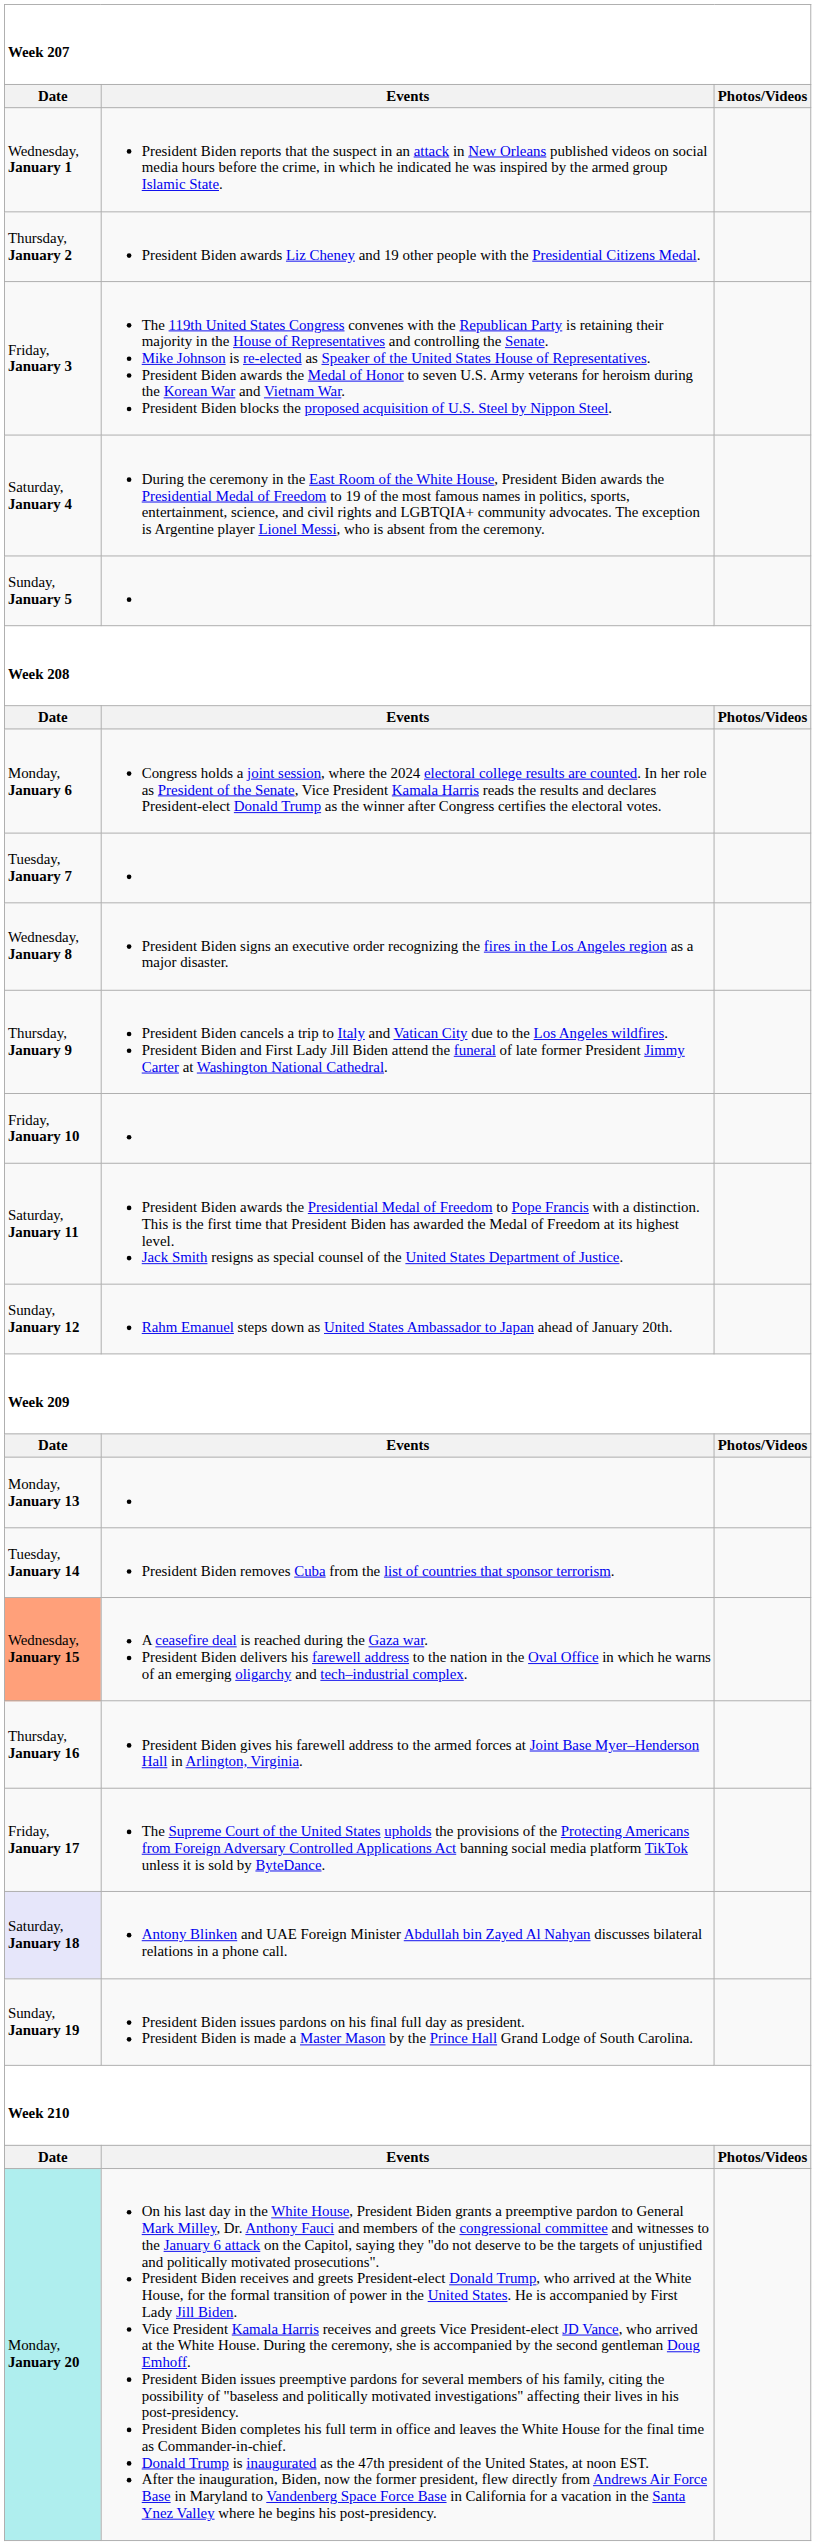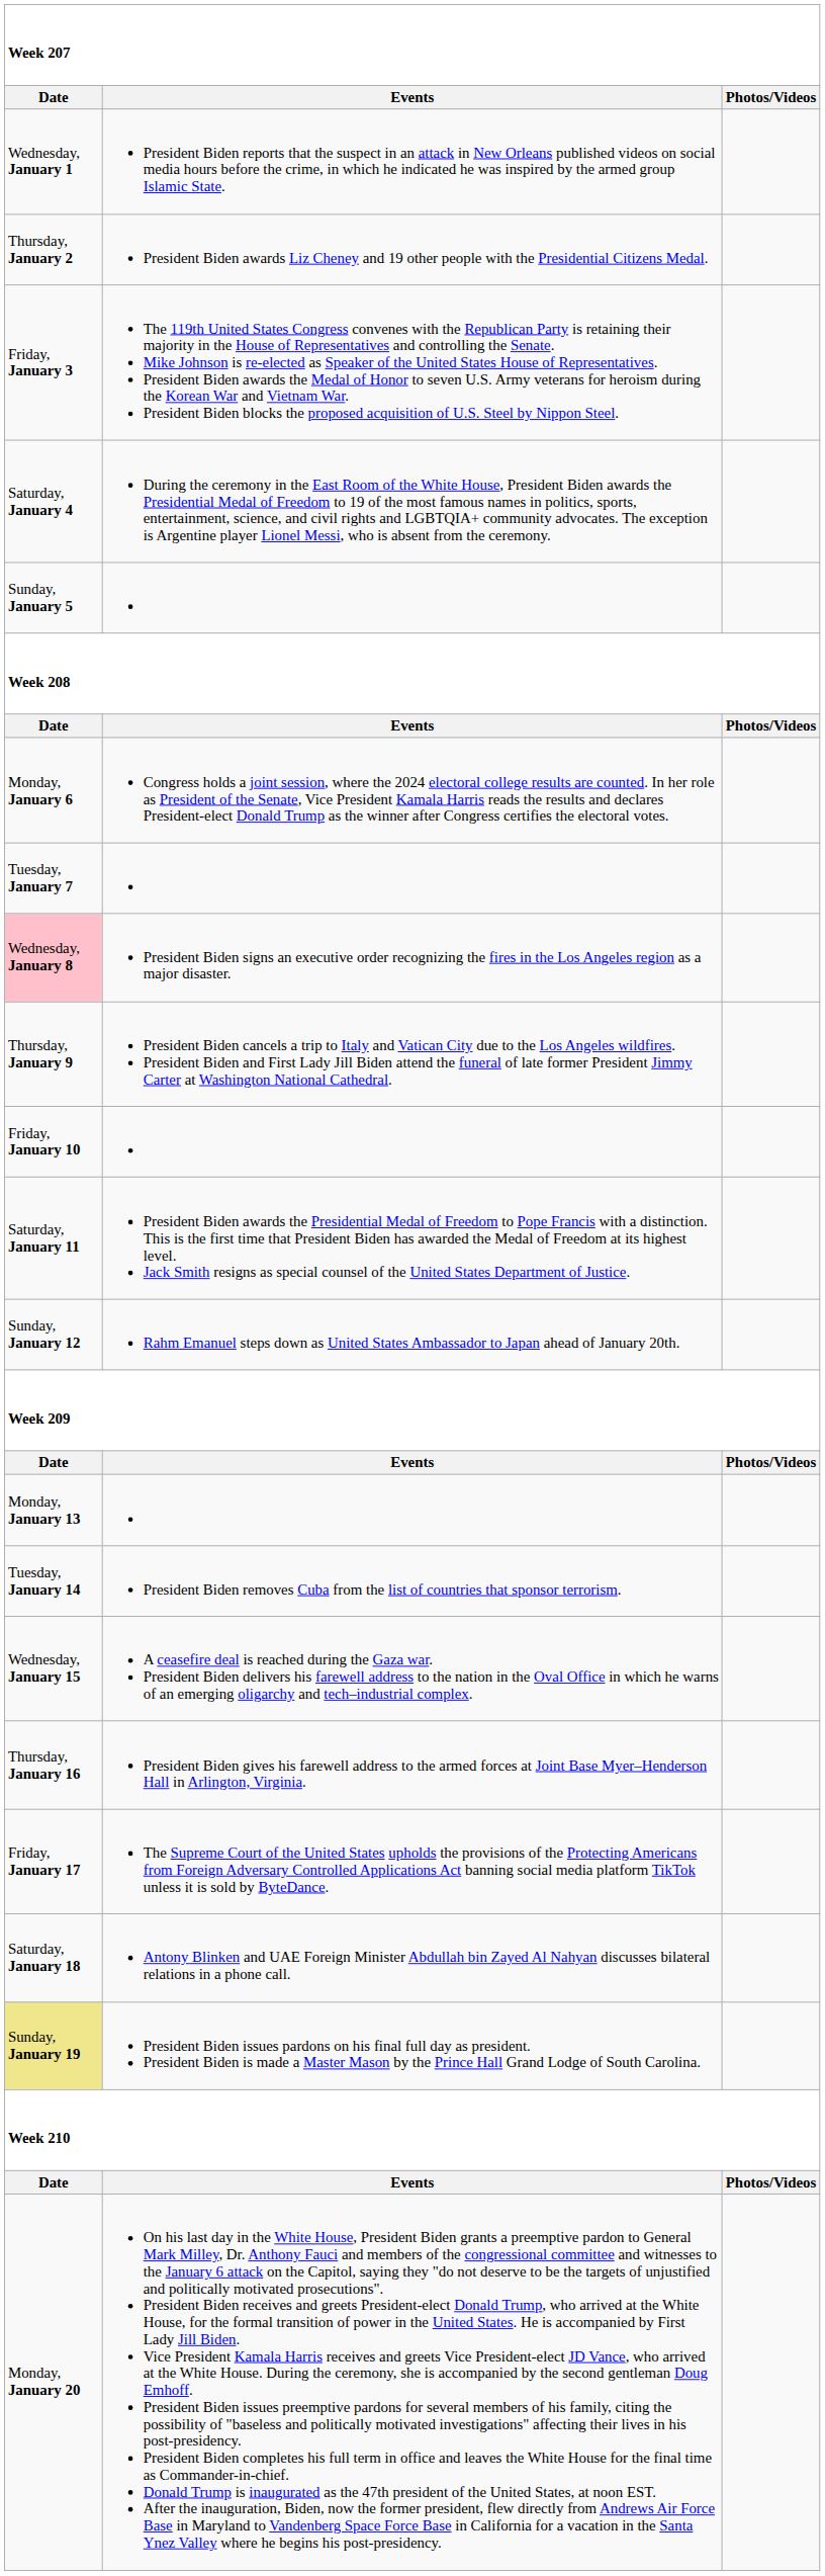 <table class="wikitable">
 <tr style="background:white;">
 <td colspan="3"><br><h4>Week 207</h4></td>
 </tr>
 <tr>
 <th>Date</th>
 <th>Events</th>
 <th>Photos/Videos</th>
 </tr>
 <tr>
 <td>Wednesday, <strong>January 1</strong></td>
 <td><br><ul><li>President Biden reports that the suspect in an <a href='#'>attack</a> in <a href='#'>New Orleans</a> published videos on social media hours before the crime, in which he indicated he was inspired by the armed group <a href='#'>Islamic State</a>.</li></ul></td>
 <td></td>
 </tr>
 <tr>
 <td>Thursday, <strong>January 2</strong></td>
 <td><br><ul><li>President Biden awards <a href='#'>Liz Cheney</a> and 19 other people with the <a href='#'>Presidential Citizens Medal</a>.</li></ul></td>
 <td></td>
 </tr>
 <tr>
 <td>Friday, <strong>January 3</strong></td>
 <td><br><ul><li>The <a href='#'>119th United States Congress</a> convenes with the <a href='#'>Republican Party</a> is retaining their majority in the <a href='#'>House of Representatives</a> and controlling the <a href='#'>Senate</a>.</li><li><a href='#'>Mike Johnson</a> is <a href='#'>re-elected</a> as <a href='#'>Speaker of the United States House of Representatives</a>.</li><li>President Biden awards the <a href='#'>Medal of Honor</a> to seven U.S. Army veterans for heroism during the <a href='#'>Korean War</a> and <a href='#'>Vietnam War</a>.</li><li>President Biden blocks the <a href='#'>proposed acquisition of U.S. Steel by Nippon Steel</a>.</li></ul></td>
 <td></td>
 </tr>
 <tr>
 <td>Saturday, <strong>January 4</strong></td>
 <td><br><ul><li>During the ceremony in the <a href='#'>East Room of the White House</a>, President Biden awards the <a href='#'>Presidential Medal of Freedom</a> to 19 of the most famous names in politics, sports, entertainment, science, and civil rights and LGBTQIA+ community advocates. The exception is Argentine player <a href='#'>Lionel Messi</a>, who is absent from the ceremony.</li></ul></td>
 <td></td>
 </tr>
 <tr>
 <td>Sunday, <strong>January 5</strong></td>
 <td><br><ul><li></li></ul></td>
 <td></td>
 </tr>
 <tr style="background:white;">
 <td colspan="3"><br><h4>Week 208</h4></td>
 </tr>
 <tr>
 <th>Date</th>
 <th>Events</th>
 <th>Photos/Videos</th>
 </tr>
 <tr>
 <td>Monday, <strong>January 6</strong></td>
 <td><br><ul><li>Congress holds a <a href='#'>joint session</a>, where the 2024 <a href='#'>electoral college results are counted</a>. In her role as <a href='#'>President of the Senate</a>, Vice President <a href='#'>Kamala Harris</a> reads the results and declares President-elect <a href='#'>Donald Trump</a> as the winner after Congress certifies the electoral votes.</li></ul></td>
 <td></td>
 </tr>
 <tr>
 <td>Tuesday, <strong>January 7</strong></td>
 <td><br><ul><li></li></ul></td>
 <td></td>
 </tr>
 <tr>
-<td>Wednesday, <strong>January 8</strong></td>
+<td style="background: pink;">Wednesday, <strong>January 8</strong></td>
 <td><br><ul><li>President Biden signs an executive order recognizing the <a href='#'>fires in the Los Angeles region</a> as a major disaster.</li></ul></td>
 <td></td>
 </tr>
 <tr>
 <td>Thursday, <strong>January 9</strong></td>
 <td><br><ul><li>President Biden cancels a trip to <a href='#'>Italy</a> and <a href='#'>Vatican City</a> due to the <a href='#'>Los Angeles wildfires</a>.</li><li>President Biden and First Lady Jill Biden attend the <a href='#'>funeral</a> of late former President <a href='#'>Jimmy Carter</a> at <a href='#'>Washington National Cathedral</a>.</li></ul></td>
 <td></td>
 </tr>
 <tr>
 <td>Friday, <strong>January 10</strong></td>
 <td><br><ul><li></li></ul></td>
 <td></td>
 </tr>
 <tr>
 <td>Saturday, <strong>January 11</strong></td>
 <td><br><ul><li>President Biden awards the <a href='#'>Presidential Medal of Freedom</a> to <a href='#'>Pope Francis</a> with a distinction. This is the first time that President Biden has awarded the Medal of Freedom at its highest level.</li><li><a href='#'>Jack Smith</a> resigns as special counsel of the <a href='#'>United States Department of Justice</a>.</li></ul></td>
 <td></td>
 </tr>
 <tr>
 <td>Sunday, <strong>January 12</strong></td>
 <td><br><ul><li><a href='#'>Rahm Emanuel</a> steps down as <a href='#'>United States Ambassador to Japan</a> ahead of January 20th.</li></ul></td>
 <td></td>
 </tr>
 <tr style="background:white;">
 <td colspan="3"><br><h4>Week 209</h4></td>
 </tr>
 <tr>
 <th>Date</th>
 <th>Events</th>
 <th>Photos/Videos</th>
 </tr>
 <tr>
 <td>Monday, <strong>January 13</strong></td>
 <td><br><ul><li></li></ul></td>
 <td></td>
 </tr>
 <tr>
 <td>Tuesday, <strong>January 14</strong></td>
 <td><br><ul><li>President Biden removes <a href='#'>Cuba</a> from the <a href='#'>list of countries that sponsor terrorism</a>.</li></ul></td>
 <td></td>
 </tr>
 <tr>
-<td style="background: lightsalmon;">Wednesday, <strong>January 15</strong></td>
+<td>Wednesday, <strong>January 15</strong></td>
 <td><br><ul><li>A <a href='#'>ceasefire deal</a> is reached during the <a href='#'>Gaza war</a>.</li><li>President Biden delivers his <a href='#'>farewell address</a> to the nation in the <a href='#'>Oval Office</a> in which he warns of an emerging <a href='#'>oligarchy</a> and <a href='#'>tech–industrial complex</a>.</li></ul></td>
 <td></td>
 </tr>
 <tr>
 <td>Thursday, <strong>January 16</strong></td>
 <td><br><ul><li>President Biden gives his farewell address to the armed forces at <a href='#'>Joint Base Myer–Henderson Hall</a> in <a href='#'>Arlington, Virginia</a>.</li></ul></td>
 <td></td>
 </tr>
 <tr>
 <td>Friday, <strong>January 17</strong></td>
 <td><br><ul><li>The <a href='#'>Supreme Court of the United States</a> <a href='#'>upholds</a> the provisions of the <a href='#'>Protecting Americans from Foreign Adversary Controlled Applications Act</a> banning social media platform <a href='#'>TikTok</a> unless it is sold by <a href='#'>ByteDance</a>.</li></ul></td>
 <td></td>
 </tr>
 <tr>
-<td style="background: lavender;">Saturday, <strong>January 18</strong></td>
+<td>Saturday, <strong>January 18</strong></td>
 <td><br><ul><li><a href='#'>Antony Blinken</a> and UAE Foreign Minister <a href='#'>Abdullah bin Zayed Al Nahyan</a> discusses bilateral relations in a phone call.</li></ul></td>
 <td></td>
 </tr>
 <tr>
-<td>Sunday, <strong>January 19</strong></td>
+<td style="background: khaki;">Sunday, <strong>January 19</strong></td>
 <td><br><ul><li>President Biden issues pardons on his final full day as president.</li><li>President Biden is made a <a href='#'>Master Mason</a> by the <a href='#'>Prince Hall</a> Grand Lodge of South Carolina.</li></ul></td>
 <td></td>
 </tr>
 <tr style="background:white;">
 <td colspan="3"><br><h4>Week 210</h4></td>
 </tr>
 <tr>
 <th>Date</th>
 <th>Events</th>
 <th>Photos/Videos</th>
 </tr>
 <tr>
-<td style="background: paleturquoise;">Monday, <strong>January 20</strong></td>
+<td>Monday, <strong>January 20</strong></td>
 <td><br><ul><li>On his last day in the <a href='#'>White House</a>, President Biden grants a preemptive pardon to General <a href='#'>Mark Milley</a>, Dr. <a href='#'>Anthony Fauci</a> and members of the <a href='#'>congressional committee</a> and witnesses to the <a href='#'>January 6 attack</a> on the Capitol, saying they "do not deserve to be the targets of unjustified and politically motivated prosecutions".</li><li>President Biden receives and greets President-elect <a href='#'>Donald Trump</a>, who arrived at the White House, for the formal transition of power in the <a href='#'>United States</a>. He is accompanied by First Lady <a href='#'>Jill Biden</a>.</li><li>Vice President <a href='#'>Kamala Harris</a> receives and greets Vice President-elect <a href='#'>JD Vance</a>, who arrived at the White House. During the ceremony, she is accompanied by the second gentleman <a href='#'>Doug Emhoff</a>.</li><li>President Biden issues preemptive pardons for several members of his family, citing the possibility of "baseless and politically motivated investigations" affecting their lives in his post-presidency.</li><li>President Biden completes his full term in office and leaves the White House for the final time as Commander-in-chief.</li><li><a href='#'>Donald Trump</a> is <a href='#'>inaugurated</a> as the 47th president of the United States, at noon EST.</li><li>After the inauguration, Biden, now the former president, flew directly from <a href='#'>Andrews Air Force Base</a> in Maryland to <a href='#'>Vandenberg Space Force Base</a> in California for a vacation in the <a href='#'>Santa Ynez Valley</a> where he begins his post-presidency.</li></ul></td>
 <td><br></td>
 </tr>
 </table>
